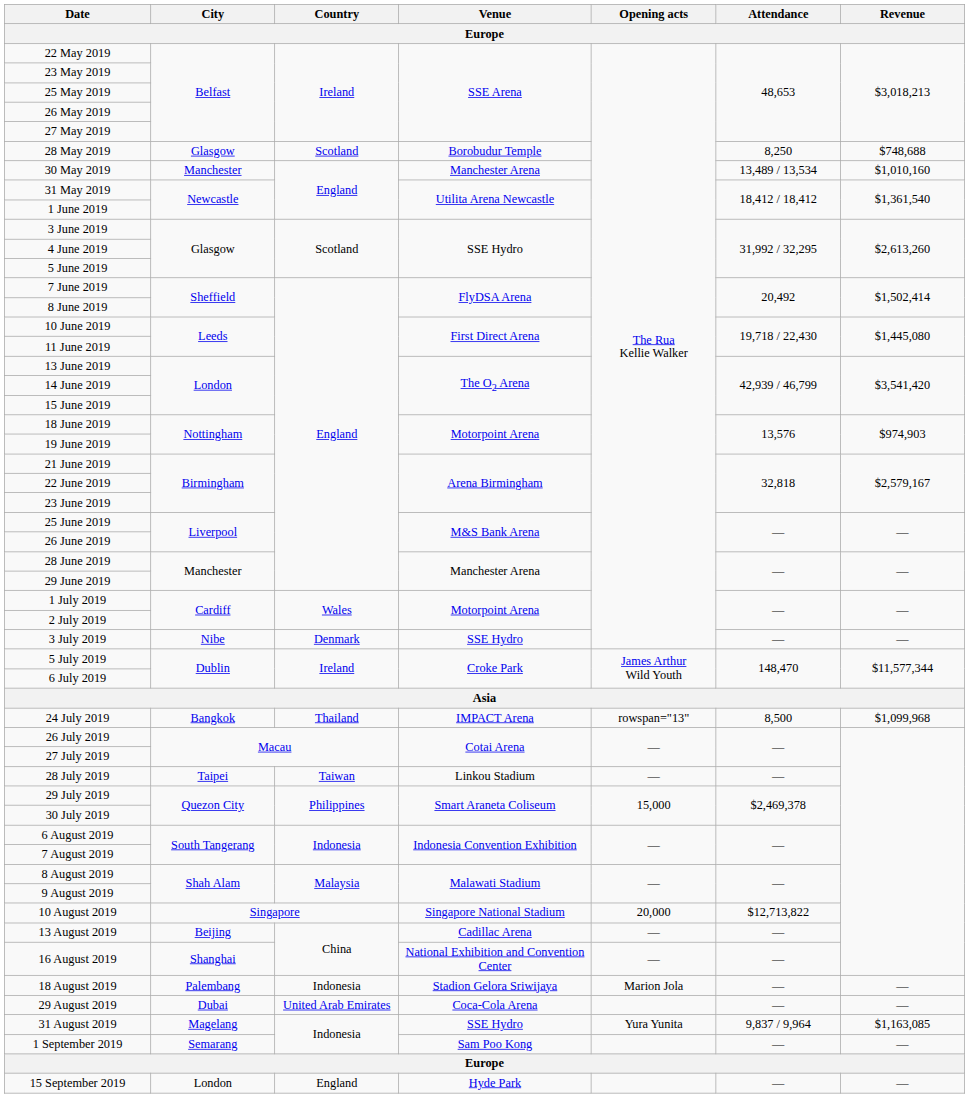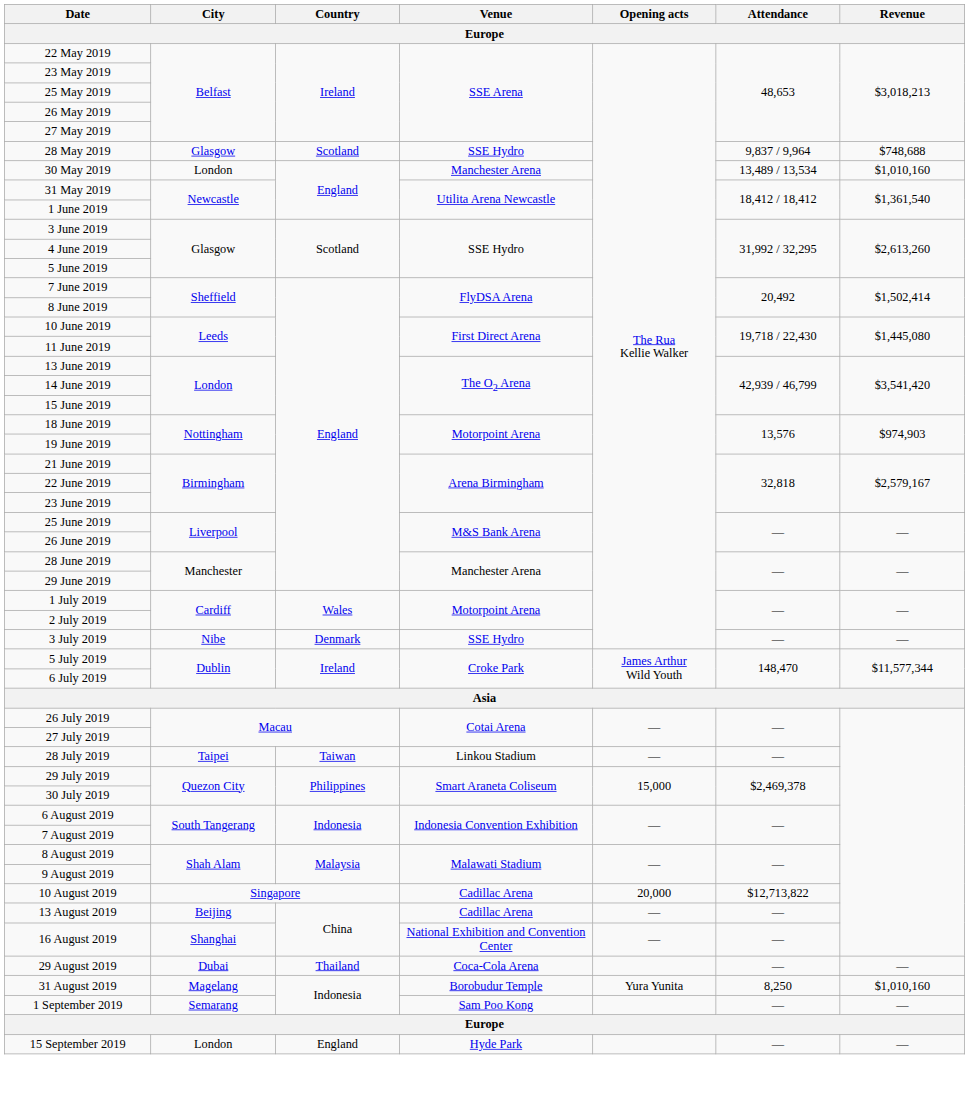 <table class="wikitable" style="text-align:center;">
 <tr>
 <th scope="col" style="width:12em;">Date</th>
 <th scope="col" style="width:10em;">City</th>
 <th scope="col" style="width:10em;">Country</th>
 <th scope="col" style="width:16em;">Venue</th>
 <th scope="col" style="width:10em;">Opening acts</th>
 <th scope="col" style="width:10em;">Attendance</th>
 <th scope="col" style="width:10em;">Revenue</th>
 </tr>
 <tr>
 <th colspan="7">Europe</th>
 </tr>
 <tr>
 <td>22 May 2019</td>
 <td rowspan="5"><a href='#'>Belfast</a></td>
 <td rowspan="5"><a href='#'>Ireland</a></td>
 <td rowspan="5"><a href='#'>SSE Arena</a></td>
 <td rowspan="31"><a href='#'>The Rua</a><br>Kellie Walker</td>
 <td rowspan="5">48,653</td>
 <td rowspan="5">$3,018,213</td>
 </tr>
 <tr>
 <td>23 May 2019</td>
 </tr>
 <tr>
 <td>25 May 2019</td>
 </tr>
 <tr>
 <td>26 May 2019</td>
 </tr>
 <tr>
 <td>27 May 2019</td>
 </tr>
 <tr>
 <td>28 May 2019</td>
 <td><a href='#'>Glasgow</a></td>
 <td><a href='#'>Scotland</a></td>
-<td><a href='#'>Borobudur Temple</a></td>
-<td>8,250</td>
+<td><a href='#'>SSE Hydro</a></td>
+<td>9,837 / 9,964</td>
 <td>$748,688</td>
 </tr>
 <tr>
 <td>30 May 2019</td>
-<td><a href='#'>Manchester</a></td>
+<td>London</td>
 <td rowspan="3"><a href='#'>England</a></td>
 <td><a href='#'>Manchester Arena</a></td>
 <td>13,489 / 13,534</td>
 <td>$1,010,160</td>
 </tr>
 <tr>
 <td>31 May 2019</td>
 <td rowspan="2"><a href='#'>Newcastle</a></td>
 <td rowspan="2"><a href='#'>Utilita Arena Newcastle</a></td>
 <td rowspan="2">18,412 / 18,412</td>
 <td rowspan="2">$1,361,540</td>
 </tr>
 <tr>
 <td>1 June 2019</td>
 </tr>
 <tr>
 <td>3 June 2019</td>
 <td rowspan="3">Glasgow</td>
 <td rowspan="3">Scotland</td>
 <td rowspan="3">SSE Hydro</td>
 <td rowspan="3">31,992 / 32,295</td>
 <td rowspan="3">$2,613,260</td>
 </tr>
 <tr>
 <td>4 June 2019</td>
 </tr>
 <tr>
 <td>5 June 2019</td>
 </tr>
 <tr>
 <td>7 June 2019</td>
 <td rowspan="2"><a href='#'>Sheffield</a></td>
 <td rowspan="16"><a href='#'>England</a></td>
 <td rowspan="2"><a href='#'>FlyDSA Arena</a></td>
 <td rowspan="2">20,492</td>
 <td rowspan="2">$1,502,414</td>
 </tr>
 <tr>
 <td>8 June 2019</td>
 </tr>
 <tr>
 <td>10 June 2019</td>
 <td rowspan="2"><a href='#'>Leeds</a></td>
 <td rowspan="2"><a href='#'>First Direct Arena</a></td>
 <td rowspan="2">19,718 / 22,430</td>
 <td rowspan="2">$1,445,080</td>
 </tr>
 <tr>
 <td>11 June 2019</td>
 </tr>
 <tr>
 <td>13 June 2019</td>
 <td rowspan="3"><a href='#'>London</a></td>
 <td rowspan="3"><a href='#'>The O<sub>2</sub> Arena</a></td>
 <td rowspan="3">42,939 / 46,799</td>
 <td rowspan="3">$3,541,420</td>
 </tr>
 <tr>
 <td>14 June 2019</td>
 </tr>
 <tr>
 <td>15 June 2019</td>
 </tr>
 <tr>
 <td>18 June 2019</td>
 <td rowspan="2"><a href='#'>Nottingham</a></td>
 <td rowspan="2"><a href='#'>Motorpoint Arena</a></td>
 <td rowspan="2">13,576</td>
 <td rowspan="2">$974,903</td>
 </tr>
 <tr>
 <td>19 June 2019</td>
 </tr>
 <tr>
 <td>21 June 2019</td>
 <td rowspan="3"><a href='#'>Birmingham</a></td>
 <td rowspan="3"><a href='#'>Arena Birmingham</a></td>
 <td rowspan="3">32,818</td>
 <td rowspan="3">$2,579,167</td>
 </tr>
 <tr>
 <td>22 June 2019</td>
 </tr>
 <tr>
 <td>23 June 2019</td>
 </tr>
 <tr>
 <td>25 June 2019</td>
 <td rowspan="2"><a href='#'>Liverpool</a></td>
 <td rowspan="2"><a href='#'>M&S Bank Arena</a></td>
 <td rowspan="2">—</td>
 <td rowspan="2">—</td>
 </tr>
 <tr>
 <td>26 June 2019</td>
 </tr>
 <tr>
 <td>28 June 2019</td>
 <td rowspan="2">Manchester</td>
 <td rowspan="2">Manchester Arena</td>
 <td rowspan="2">—</td>
 <td rowspan="2">—</td>
 </tr>
 <tr>
 <td>29 June 2019</td>
 </tr>
 <tr>
 <td>1 July 2019</td>
 <td rowspan="2"><a href='#'>Cardiff</a></td>
 <td rowspan="2"><a href='#'>Wales</a></td>
 <td rowspan="2"><a href='#'>Motorpoint Arena</a></td>
 <td rowspan="2">—</td>
 <td rowspan="2">—</td>
 </tr>
 <tr>
 <td>2 July 2019</td>
 </tr>
 <tr>
 <td>3 July 2019</td>
 <td><a href='#'>Nibe</a></td>
 <td><a href='#'>Denmark</a></td>
 <td><a href='#'>SSE Hydro</a></td>
 <td>—</td>
 <td>—</td>
 </tr>
 <tr>
 <td>5 July 2019</td>
 <td rowspan="2"><a href='#'>Dublin</a></td>
 <td rowspan="2"><a href='#'>Ireland</a></td>
 <td rowspan="2"><a href='#'>Croke Park</a></td>
 <td rowspan="2"><a href='#'>James Arthur</a><br>Wild Youth</td>
 <td rowspan="2">148,470</td>
 <td rowspan="2">$11,577,344</td>
 </tr>
 <tr>
 <td>6 July 2019</td>
 </tr>
 <tr>
 <th colspan="7">Asia</th>
 </tr>
 <tr>
-<td>24 July 2019</td>
-<td><a href='#'>Bangkok</a></td>
-<td><a href='#'>Thailand</a></td>
-<td><a href='#'>IMPACT Arena</a></td>
-<td>rowspan="13" </td>
-<td>8,500</td>
-<td>$1,099,968</td>
-</tr>
-<tr>
 <td>26 July 2019</td>
 <td rowspan="2"colspan="2"><a href='#'>Macau</a></td>
 <td rowspan="2"><a href='#'>Cotai Arena</a></td>
 <td rowspan="2">—</td>
 <td rowspan="2">—</td>
 </tr>
 <tr>
 <td>27 July 2019</td>
 </tr>
 <tr>
 <td>28 July 2019</td>
 <td><a href='#'>Taipei</a></td>
 <td><a href='#'>Taiwan</a></td>
 <td>Linkou Stadium</td>
 <td>—</td>
 <td>—</td>
 </tr>
 <tr>
 <td>29 July 2019</td>
 <td rowspan="2"><a href='#'>Quezon City</a></td>
 <td rowspan="2"><a href='#'>Philippines</a></td>
 <td rowspan="2"><a href='#'>Smart Araneta Coliseum</a></td>
 <td rowspan="2">15,000</td>
 <td rowspan="2">$2,469,378</td>
 </tr>
 <tr>
 <td>30 July 2019</td>
 </tr>
 <tr>
 <td>6 August 2019</td>
 <td rowspan="2"><a href='#'>South Tangerang</a></td>
 <td rowspan="2"><a href='#'>Indonesia</a></td>
 <td rowspan="2"><a href='#'>Indonesia Convention Exhibition</a></td>
 <td rowspan="2">—</td>
 <td rowspan="2">—</td>
 </tr>
 <tr>
 <td>7 August 2019</td>
 </tr>
 <tr>
 <td>8 August 2019</td>
 <td rowspan="2"><a href='#'>Shah Alam</a></td>
 <td rowspan="2"><a href='#'>Malaysia</a></td>
 <td rowspan="2"><a href='#'>Malawati Stadium</a></td>
 <td rowspan="2">—</td>
 <td rowspan="2">—</td>
 </tr>
 <tr>
 <td>9 August 2019</td>
 </tr>
 <tr>
 <td>10 August 2019</td>
 <td colspan="2"><a href='#'>Singapore</a></td>
-<td><a href='#'>Singapore National Stadium</a></td>
+<td><a href='#'>Cadillac Arena</a></td>
 <td>20,000</td>
 <td>$12,713,822</td>
 </tr>
 <tr>
 <td>13 August 2019</td>
 <td><a href='#'>Beijing</a></td>
 <td rowspan="2">China</td>
 <td><a href='#'>Cadillac Arena</a></td>
 <td>—</td>
 <td>—</td>
 </tr>
 <tr>
 <td>16 August 2019</td>
 <td><a href='#'>Shanghai</a></td>
 <td><a href='#'>National Exhibition and Convention Center</a></td>
 <td>—</td>
 <td>—</td>
 </tr>
 <tr>
-<td>18 August 2019</td>
-<td><a href='#'>Palembang</a></td>
-<td>Indonesia</td>
-<td><a href='#'>Stadion Gelora Sriwijaya</a></td>
-<td>Marion Jola</td>
-<td>—</td>
-<td>—</td>
-</tr>
-<tr>
 <td>29 August 2019</td>
 <td><a href='#'>Dubai</a></td>
-<td><a href='#'>United Arab Emirates</a></td>
+<td><a href='#'>Thailand</a></td>
 <td><a href='#'>Coca-Cola Arena</a></td>
 <td></td>
 <td>—</td>
 <td>—</td>
 </tr>
 <tr>
 <td>31 August 2019</td>
 <td><a href='#'>Magelang</a></td>
 <td rowspan="2">Indonesia</td>
-<td><a href='#'>SSE Hydro</a></td>
+<td><a href='#'>Borobudur Temple</a></td>
 <td>Yura Yunita</td>
-<td>9,837 / 9,964</td>
-<td>$1,163,085</td>
+<td>8,250</td>
+<td>$1,010,160</td>
 </tr>
 <tr>
 <td>1 September 2019</td>
 <td><a href='#'>Semarang</a></td>
 <td><a href='#'>Sam Poo Kong</a></td>
 <td></td>
 <td>—</td>
 <td>—</td>
 </tr>
 <tr>
 <th colspan="7">Europe</th>
 </tr>
 <tr>
 <td>15 September 2019</td>
 <td>London</td>
 <td>England</td>
 <td><a href='#'>Hyde Park</a></td>
 <td></td>
 <td>—</td>
 <td>—</td>
 </tr>
 </table>
